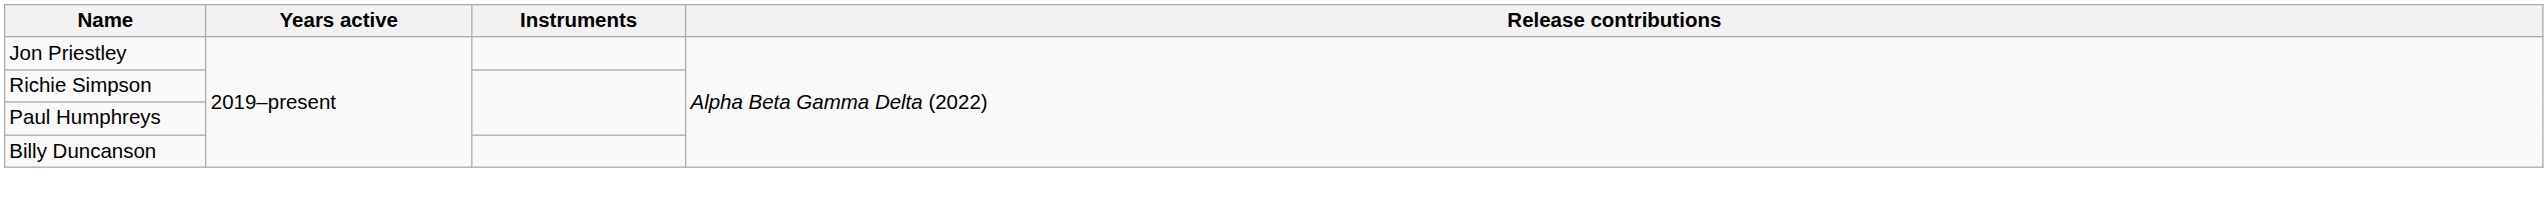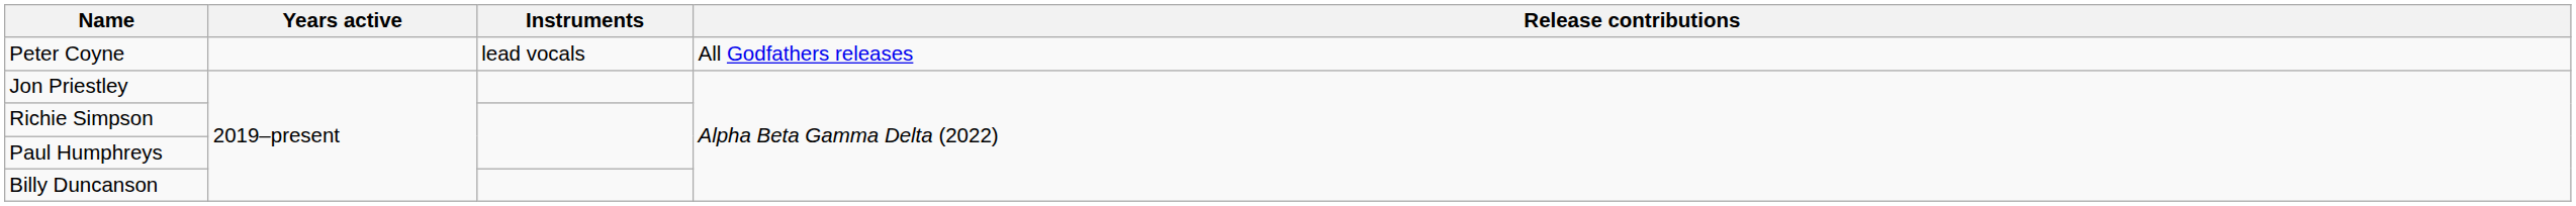 <table class="wikitable" border="1" width=100%>
 <tr>
 <th width="150">Name</th>
 <th width="200">Years active</th>
 <th width="160">Instruments</th>
 <th>Release contributions</th>
+</tr>
+<tr>
+<td>Peter Coyne</td>
+<td></td>
+<td>lead vocals</td>
+<td>All <a href='#'>Godfathers releases</a></td>
 </tr>
 <tr>
 <td>Jon Priestley</td>
 <td rowspan="4">2019–present</td>
 <td></td>
 <td rowspan="4"><em>Alpha Beta Gamma Delta</em> (2022)</td>
 </tr>
 <tr>
 <td>Richie Simpson</td>
 <td rowspan="2"></td>
 </tr>
 <tr>
 <td>Paul Humphreys</td>
 </tr>
 <tr>
 <td>Billy Duncanson</td>
 <td></td>
 </tr>
 </table>
